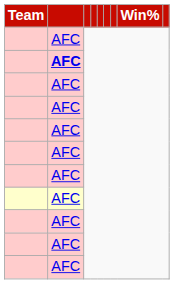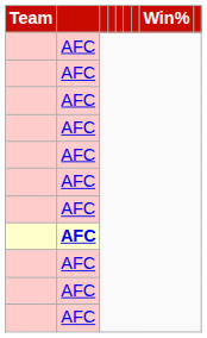 <table class="wikitable sortable" style="text-align: center; font-size: 100%;">
 <tr>
 <th style="background:#C80A00;color:white;">Team</th>
 <th style="background:#C80A00;color:white;"></th>
 <th style="background:#C80A00;color:white;"></th>
 <th style="background:#C80A00;color:white;"></th>
 <th style="background:#C80A00;color:white;"></th>
 <th style="background:#C80A00;color:white;"></th>
 <th style="background:#C80A00;color:white;"></th>
 <th style="background:#C80A00;color:white;">Win%</th>
 <th style="background:#C80A00;color:white;"></th>
 </tr>
 <tr bgcolor="FFCCCC">
 <td align=left><br></td>
 <td><a href='#'>AFC</a></td>
 </tr>
 <tr bgcolor="FFCCCC">
 <td align=left><br></td>
-<td><strong><a href='#'>AFC</a></strong></td>
+<td><a href='#'>AFC</a></td>
 </tr>
 <tr bgcolor="FFCCCC">
 <td align=left><br></td>
 <td><a href='#'>AFC</a></td>
 </tr>
 <tr bgcolor="FFCCCC">
 <td align=left><br></td>
 <td><a href='#'>AFC</a></td>
 </tr>
 <tr bgcolor="FFCCCC">
 <td align=left><br></td>
 <td><a href='#'>AFC</a></td>
 </tr>
 <tr bgcolor="FFCCCC">
 <td align=left><br></td>
 <td><a href='#'>AFC</a></td>
 </tr>
 <tr bgcolor="FFCCCC">
 <td align=left><br></td>
 <td><a href='#'>AFC</a></td>
 </tr>
 <tr bgcolor="FFFFCC">
 <td align=left><br></td>
-<td><a href='#'>AFC</a></td>
+<td><strong><a href='#'>AFC</a></strong></td>
 </tr>
 <tr bgcolor="FFCCCC">
 <td align=left><br></td>
 <td><a href='#'>AFC</a></td>
 </tr>
 <tr bgcolor="FFCCCC">
 <td align=left><br></td>
 <td><a href='#'>AFC</a></td>
 </tr>
 <tr bgcolor="FFCCCC">
 <td align=left><br></td>
 <td><a href='#'>AFC</a></td>
 </tr>
 </table>
